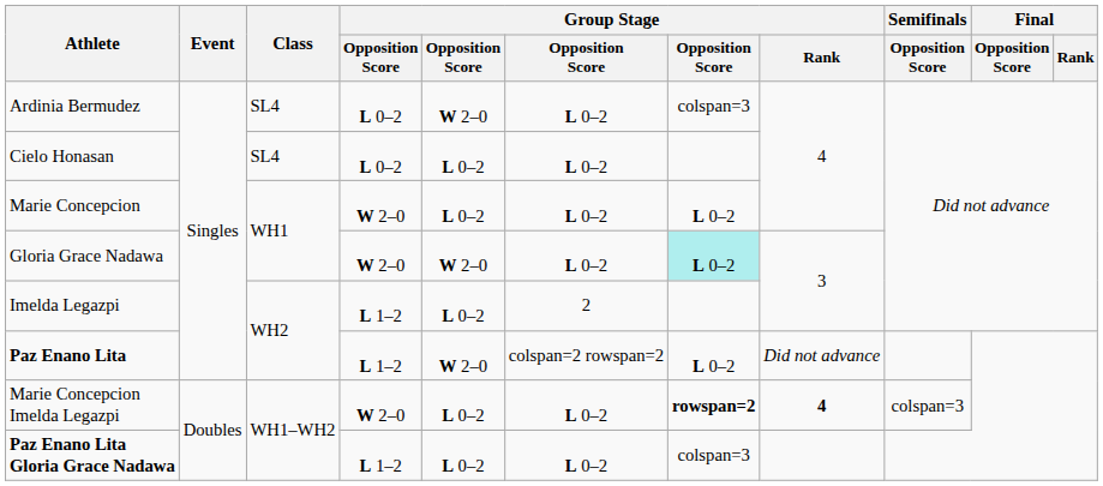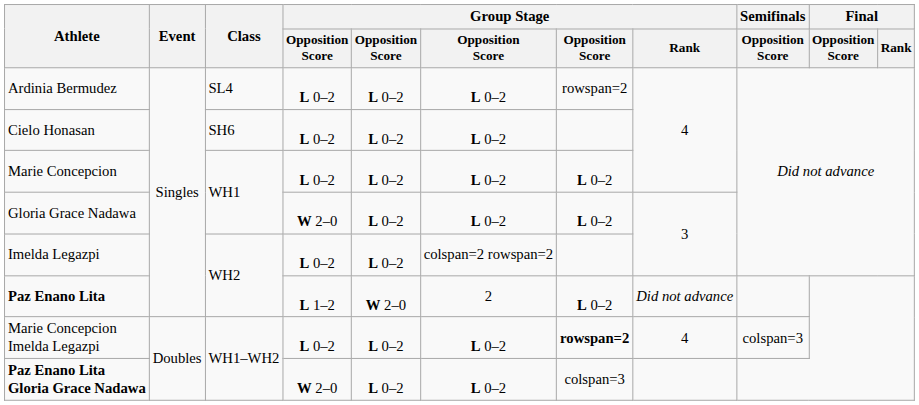 <table class="wikitable" style="font-size:90%; text-align:center">
 <tr>
 <th rowspan=2>Athlete</th>
 <th rowspan=2>Event</th>
 <th rowspan=2>Class</th>
 <th colspan=5>Group Stage</th>
 <th>Semifinals</th>
 <th colspan=2>Final</th>
 </tr>
 <tr style="font-size:90%">
 <th>Opposition<br>Score</th>
 <th>Opposition<br>Score</th>
 <th>Opposition<br>Score</th>
 <th>Opposition<br>Score</th>
 <th>Rank</th>
 <th>Opposition<br>Score</th>
 <th>Opposition<br>Score</th>
 <th>Rank</th>
 </tr>
 <tr align=center>
 <td align=left>Ardinia Bermudez</td>
 <td rowspan=6>Singles</td>
 <td align=left>SL4</td>
 <td><br><strong>L</strong> 0–2</td>
-<td><br><strong>W</strong> 2–0</td>
 <td><br><strong>L</strong> 0–2</td>
-<td>colspan=3 </td>
+<td><br><strong>L</strong> 0–2</td>
+<td>rowspan=2 </td>
 <td rowspan=3>4</td>
 <td colspan=3 rowspan=5><em>Did not advance</em></td>
 </tr>
 <tr align=center>
 <td align=left>Cielo Honasan</td>
-<td align=left>SL4</td>
+<td align=left>SH6</td>
 <td><br><strong>L</strong> 0–2</td>
 <td><br><strong>L</strong> 0–2</td>
 <td><br><strong>L</strong> 0–2</td>
 </tr>
 <tr align=center>
 <td align=left>Marie Concepcion</td>
 <td rowspan=2 align=left>WH1</td>
-<td><br><strong>W</strong> 2–0</td>
+<td><br><strong>L</strong> 0–2</td>
 <td><br><strong>L</strong> 0–2</td>
 <td><br><strong>L</strong> 0–2</td>
 <td><br><strong>L</strong> 0–2</td>
 </tr>
 <tr align=center>
 <td align=left>Gloria Grace Nadawa</td>
 <td><br><strong>W</strong> 2–0</td>
-<td><br><strong>W</strong> 2–0</td>
 <td><br><strong>L</strong> 0–2</td>
-<td style="background: paleturquoise;"><br><strong>L</strong> 0–2</td>
+<td><br><strong>L</strong> 0–2</td>
+<td><br><strong>L</strong> 0–2</td>
 <td rowspan=2>3</td>
 </tr>
 <tr align=center>
 <td align=left>Imelda Legazpi</td>
 <td rowspan=2 align=left>WH2</td>
-<td><br><strong>L</strong> 1–2</td>
 <td><br><strong>L</strong> 0–2</td>
-<td>2</td>
+<td><br><strong>L</strong> 0–2</td>
+<td>colspan=2 rowspan=2 </td>
 </tr>
 <tr align=center>
 <td align=left><strong>Paz Enano Lita</strong></td>
 <td><br><strong>L</strong> 1–2</td>
 <td><br><strong>W</strong> 2–0</td>
-<td>colspan=2 rowspan=2 </td>
+<td>2</td>
 <td><br><strong>L</strong> 0–2</td>
 <td><em>Did not advance</em></td>
 <td></td>
 </tr>
 <tr align=center>
 <td align=left>Marie Concepcion<br>Imelda Legazpi</td>
 <td rowspan=2 align=left>Doubles</td>
 <td rowspan=2 align=left>WH1–WH2</td>
-<td><br><strong>W</strong> 2–0</td>
+<td><br><strong>L</strong> 0–2</td>
 <td><br><strong>L</strong> 0–2</td>
 <td><br><strong>L</strong> 0–2</td>
 <td><strong>rowspan=2 </strong></td>
-<td><strong>4</strong></td>
+<td>4</td>
 <td>colspan=3 </td>
 </tr>
 <tr align=center>
 <td align=left><strong>Paz Enano Lita<br>Gloria Grace Nadawa</strong></td>
-<td><br><strong>L</strong> 1–2</td>
+<td><br><strong>W</strong> 2–0</td>
 <td><br><strong>L</strong> 0–2</td>
 <td><br><strong>L</strong> 0–2</td>
 <td>colspan=3 </td>
 <td></td>
 </tr>
 </table>
